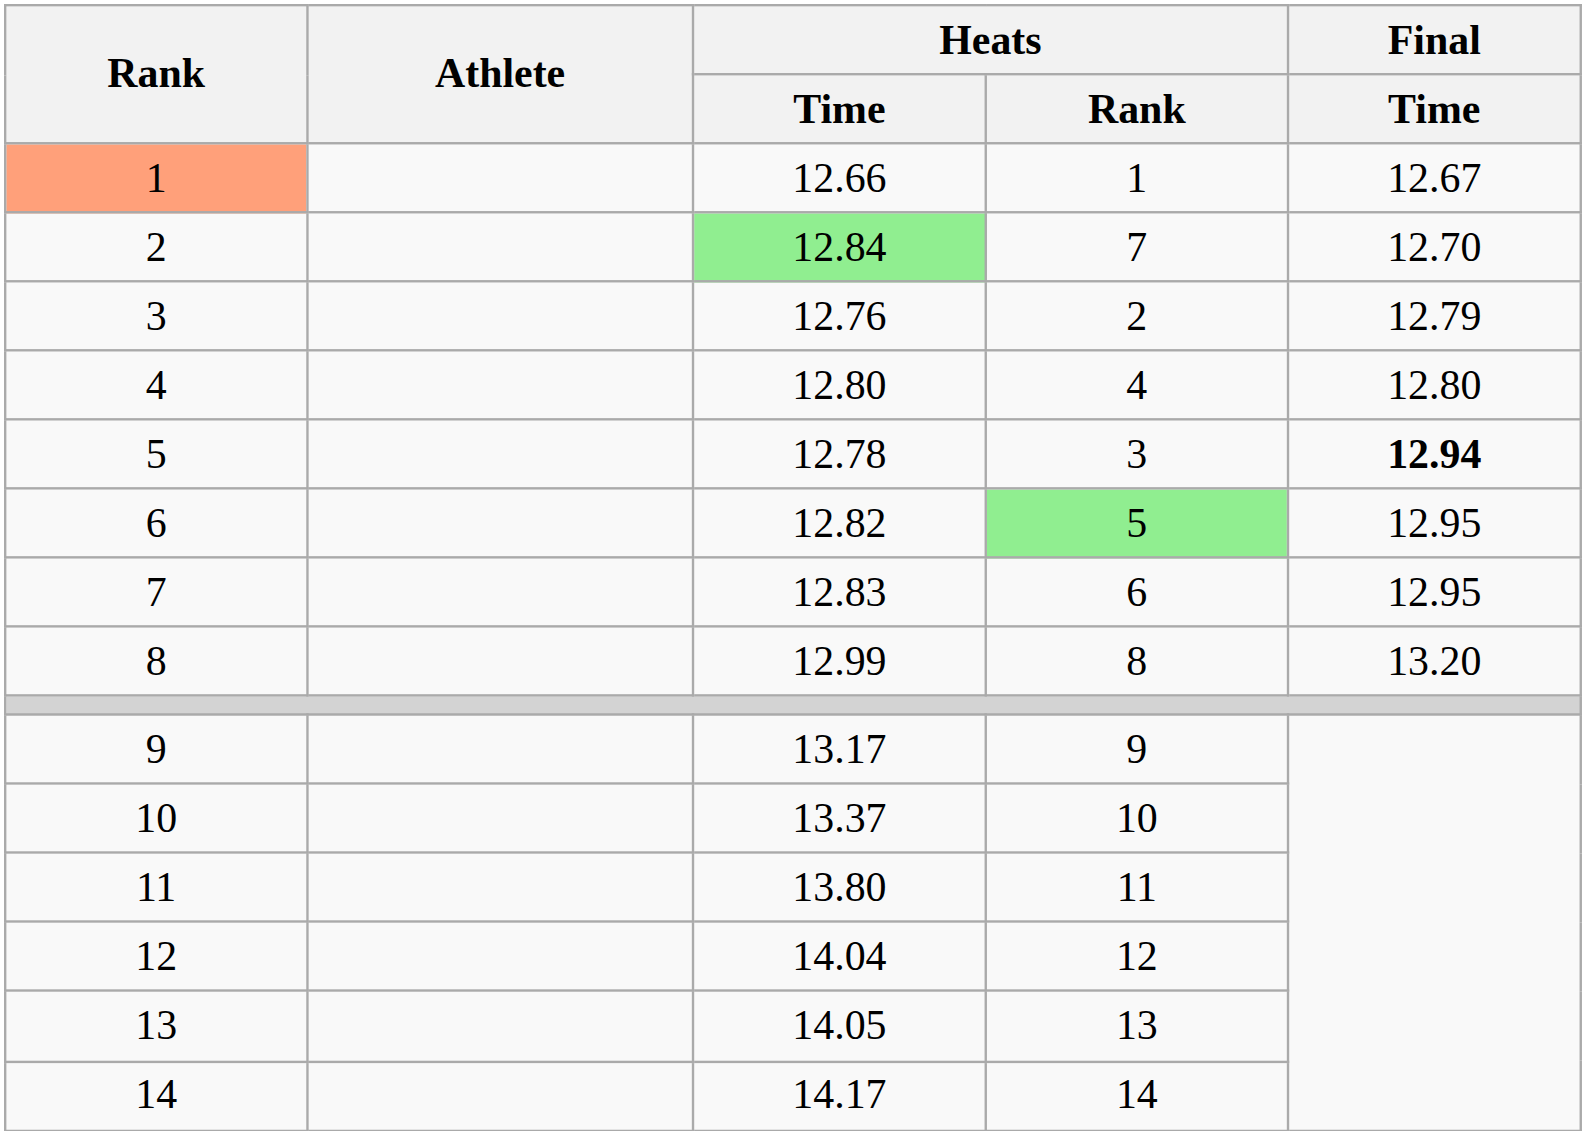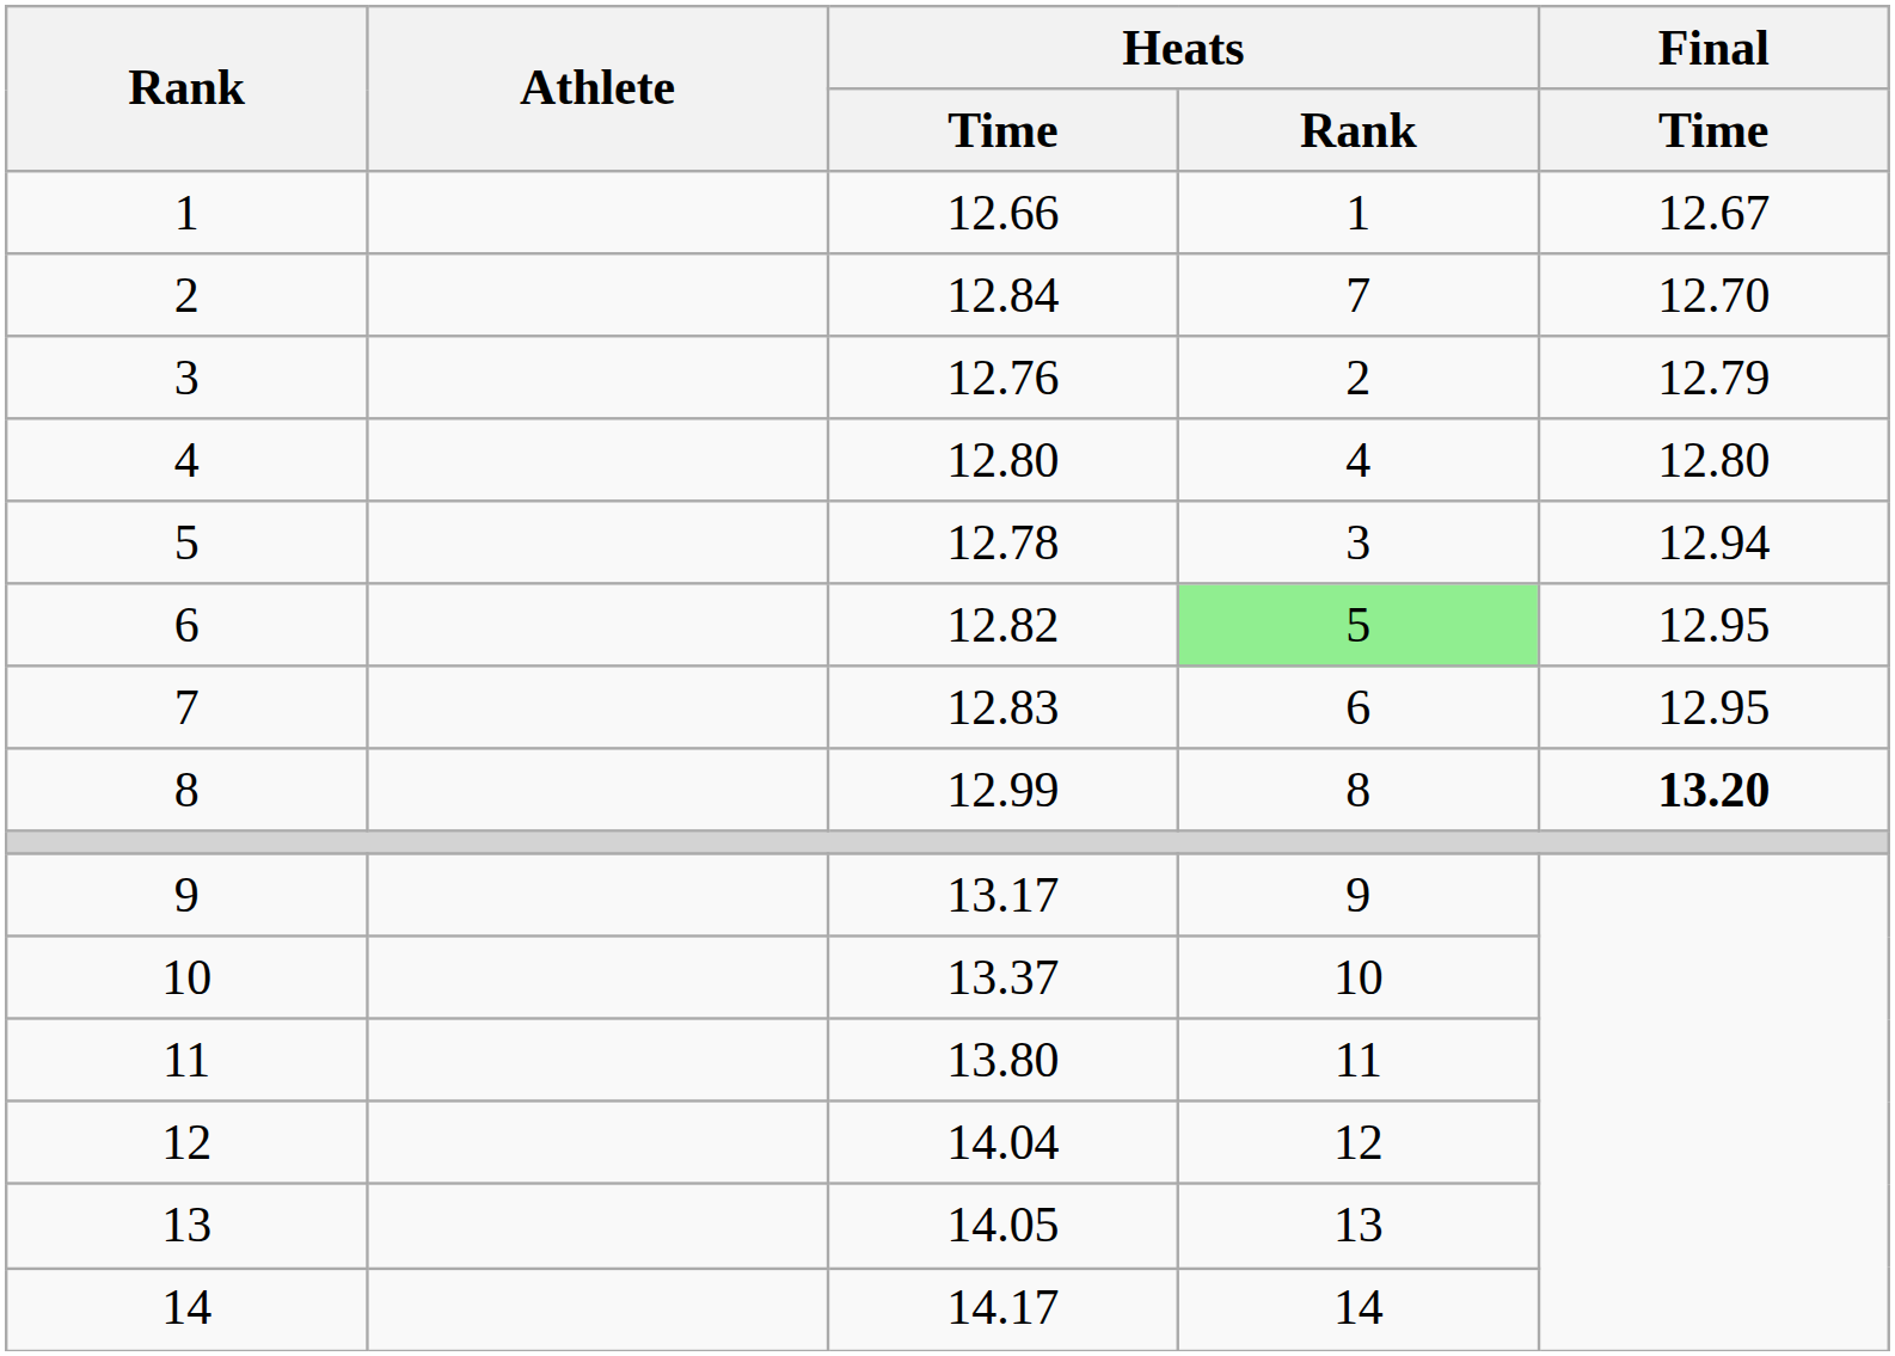 <table class="wikitable" style=" text-align:center; font-size:110%;" width="75%">
 <tr>
 <th rowspan="2">Rank</th>
 <th rowspan="2">Athlete</th>
 <th colspan="2">Heats</th>
 <th>Final</th>
 </tr>
 <tr>
 <th>Time</th>
 <th>Rank</th>
 <th>Time</th>
 </tr>
 <tr>
-<td style="background: lightsalmon;">1</td>
+<td>1</td>
 <td align=left></td>
 <td>12.66 </td>
 <td>1</td>
 <td>12.67</td>
 </tr>
 <tr>
 <td>2</td>
 <td align=left></td>
-<td style="background: lightgreen;">12.84</td>
+<td>12.84</td>
 <td>7</td>
 <td>12.70</td>
 </tr>
 <tr>
 <td>3</td>
 <td align=left></td>
 <td>12.76</td>
 <td>2</td>
 <td>12.79</td>
 </tr>
 <tr>
 <td>4</td>
 <td align=left></td>
 <td>12.80</td>
 <td>4</td>
 <td>12.80</td>
 </tr>
 <tr>
 <td>5</td>
 <td align=left></td>
 <td>12.78</td>
 <td>3</td>
-<td><strong>12.94</strong></td>
+<td>12.94</td>
 </tr>
 <tr>
 <td>6</td>
 <td align=left></td>
 <td>12.82</td>
 <td style="background: lightgreen;">5</td>
 <td>12.95</td>
 </tr>
 <tr>
 <td>7</td>
 <td align=left></td>
 <td>12.83</td>
 <td>6</td>
 <td>12.95</td>
 </tr>
 <tr>
 <td>8</td>
 <td align=left></td>
 <td>12.99</td>
 <td>8</td>
-<td>13.20</td>
+<td><strong>13.20</strong></td>
 </tr>
 <tr>
 <td colspan=5 bgcolor=lightgray></td>
 </tr>
 <tr>
 <td>9</td>
 <td align=left></td>
 <td>13.17</td>
 <td>9</td>
 </tr>
 <tr>
 <td>10</td>
 <td align=left></td>
 <td>13.37</td>
 <td>10</td>
 </tr>
 <tr>
 <td>11</td>
 <td align=left></td>
 <td>13.80</td>
 <td>11</td>
 </tr>
 <tr>
 <td>12</td>
 <td align=left></td>
 <td>14.04</td>
 <td>12</td>
 </tr>
 <tr>
 <td>13</td>
 <td align=left></td>
 <td>14.05</td>
 <td>13</td>
 </tr>
 <tr>
 <td>14</td>
 <td align=left></td>
 <td>14.17</td>
 <td>14</td>
 </tr>
 </table>
